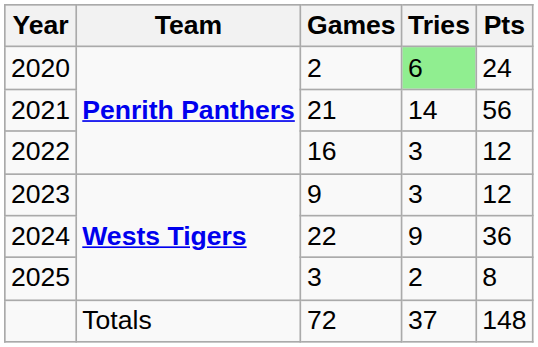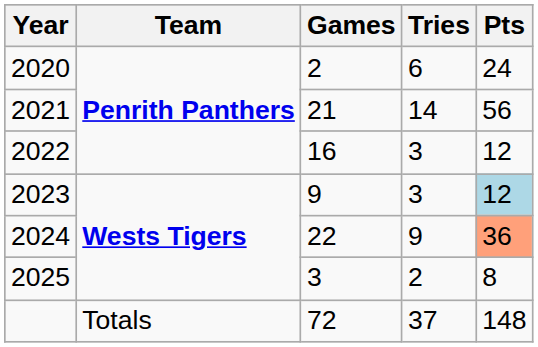 <table class="wikitable">
 <tr>
 <th>Year</th>
 <th>Team</th>
 <th>Games</th>
 <th>Tries</th>
 <th>Pts</th>
 </tr>
 <tr>
 <td>2020</td>
 <td rowspan="3"> <strong><a href='#'>Penrith Panthers</a></strong></td>
 <td>2</td>
-<td style="background: lightgreen;">6</td>
+<td>6</td>
 <td>24</td>
 </tr>
 <tr>
 <td>2021</td>
 <td>21</td>
 <td>14</td>
 <td>56</td>
 </tr>
 <tr>
 <td>2022</td>
 <td>16</td>
 <td>3</td>
 <td>12</td>
 </tr>
 <tr>
 <td>2023</td>
 <td rowspan="3"> <strong><a href='#'>Wests Tigers</a></strong></td>
 <td>9</td>
 <td>3</td>
-<td>12</td>
+<td style="background: lightblue;">12</td>
 </tr>
 <tr>
 <td>2024</td>
 <td>22</td>
 <td>9</td>
-<td>36</td>
+<td style="background: lightsalmon;">36</td>
 </tr>
 <tr>
 <td>2025</td>
 <td>3</td>
 <td>2</td>
 <td>8</td>
 </tr>
 <tr>
 <td></td>
 <td>Totals</td>
 <td>72</td>
 <td>37</td>
 <td>148</td>
 </tr>
 </table>
